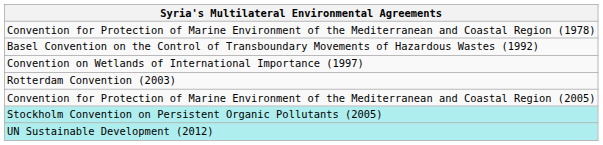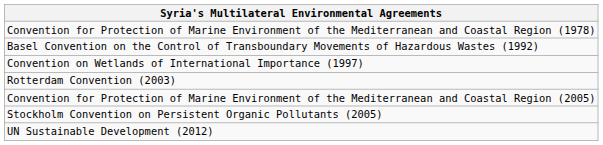 <table class="wikitable">
 <tr>
 <th>Syria's Multilateral Environmental Agreements</th>
 </tr>
 <tr>
 <td>Convention for Protection of Marine Environment of the Mediterranean and Coastal Region (1978)</td>
 </tr>
 <tr>
 <td>Basel Convention on the Control of Transboundary Movements of Hazardous Wastes (1992)</td>
 </tr>
 <tr>
 <td>Convention on Wetlands of International Importance (1997)</td>
 </tr>
 <tr>
 <td>Rotterdam Convention (2003)</td>
 </tr>
 <tr>
 <td>Convention for Protection of Marine Environment of the Mediterranean and Coastal Region (2005)</td>
 </tr>
 <tr>
-<td style="background: paleturquoise;">Stockholm Convention on Persistent Organic Pollutants (2005)</td>
+<td>Stockholm Convention on Persistent Organic Pollutants (2005)</td>
 </tr>
 <tr>
-<td style="background: paleturquoise;">UN Sustainable Development (2012)</td>
+<td>UN Sustainable Development (2012)</td>
 </tr>
 </table>
